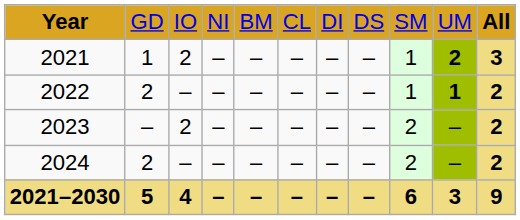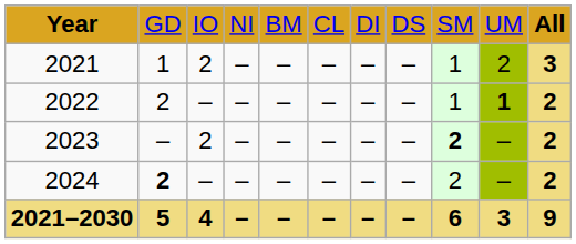 <table class="sortable wikitable">
 <tr align="center" bgcolor="#DAA520">
 <td><strong>Year</strong></td>
 <td><a href='#'>GD</a></td>
 <td><a href='#'>IO</a></td>
 <td><a href='#'>NI</a></td>
 <td><a href='#'>BM</a></td>
 <td><a href='#'>CL</a></td>
 <td><a href='#'>DI</a></td>
 <td><a href='#'>DS</a></td>
 <td><a href='#'>SM</a></td>
 <td><a href='#'>UM</a></td>
 <td><strong>All</strong></td>
 </tr>
 <tr align="center">
 <td>2021</td>
 <td>1</td>
 <td>2</td>
 <td>–</td>
 <td>–</td>
 <td>–</td>
 <td>–</td>
 <td>–</td>
 <td bgcolor="#ddffdd">1</td>
-<td bgcolor="amber"><strong>2</strong></td>
+<td bgcolor="amber">2</td>
 <td bgcolor="#F0DC82"><strong>3</strong></td>
 </tr>
 <tr align="center">
 <td>2022</td>
 <td>2</td>
 <td>–</td>
 <td>–</td>
 <td>–</td>
 <td>–</td>
 <td>–</td>
 <td>–</td>
 <td bgcolor="#ddffdd">1</td>
 <td bgcolor="amber"><strong>1</strong></td>
 <td bgcolor="#F0DC82"><strong>2</strong></td>
 </tr>
 <tr align="center">
 <td>2023</td>
 <td>–</td>
 <td>2</td>
 <td>–</td>
 <td>–</td>
 <td>–</td>
 <td>–</td>
 <td>–</td>
-<td bgcolor="#ddffdd">2</td>
+<td bgcolor="#ddffdd"><strong>2</strong></td>
 <td bgcolor="amber">–</td>
 <td bgcolor="#F0DC82"><strong>2</strong></td>
 </tr>
 <tr align="center">
 <td>2024</td>
-<td>2</td>
+<td><strong>2</strong></td>
 <td>–</td>
 <td>–</td>
 <td>–</td>
 <td>–</td>
 <td>–</td>
 <td>–</td>
 <td bgcolor="#ddffdd">2</td>
 <td bgcolor="amber">–</td>
 <td bgcolor="#F0DC82"><strong>2</strong></td>
 </tr>
 <tr align="center" bgcolor="#F0DC82">
 <td><strong>2021–2030</strong></td>
 <td><strong>5</strong></td>
 <td><strong>4</strong></td>
 <td><strong>–</strong></td>
 <td><strong>–</strong></td>
 <td><strong>–</strong></td>
 <td><strong>–</strong></td>
 <td><strong>–</strong></td>
 <td><strong>6</strong></td>
 <td><strong>3</strong></td>
 <td><strong>9</strong></td>
 </tr>
 </table>
